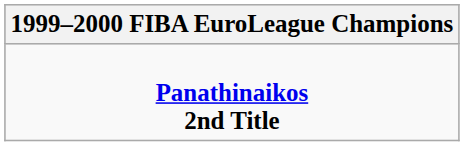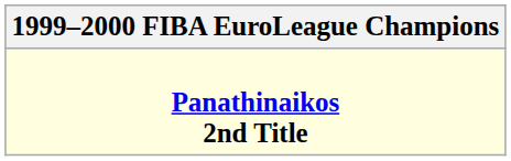 <table class=wikitable style="text-align:center; margin:auto">
 <tr>
 <th>1999–2000 FIBA EuroLeague Champions</th>
 </tr>
 <tr>
-<td><br> <strong><a href='#'>Panathinaikos</a></strong> <br> <strong>2nd Title</strong></td>
+<td style="background: lightyellow;"><br> <strong><a href='#'>Panathinaikos</a></strong> <br> <strong>2nd Title</strong></td>
 </tr>
 </table>
